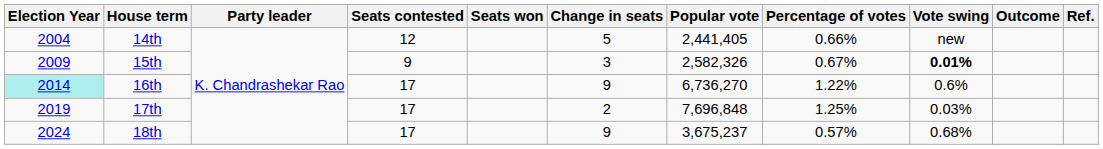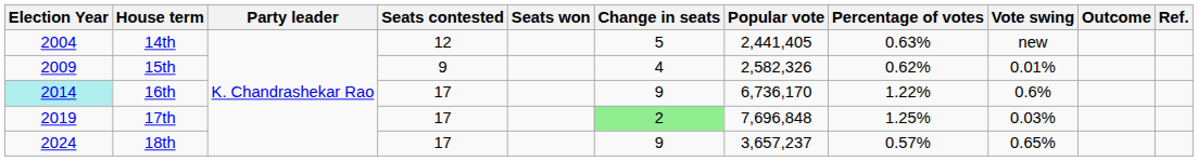 <table class="wikitable sortable" style="text-align:center;">
 <tr>
 <th Style="background-color:">Election Year</th>
 <th Style="background-color:">House term</th>
 <th Style="background-color:">Party leader</th>
 <th Style="background-color:">Seats contested</th>
 <th Style="background-color:">Seats won</th>
 <th Style="background-color:">Change in seats</th>
 <th Style="background-color:">Popular vote</th>
 <th Style="background-color:">Percentage of votes</th>
 <th Style="background-color:">Vote swing</th>
 <th Style="background-color:">Outcome</th>
 <th Style="background-color:">Ref.</th>
 </tr>
 <tr>
 <td><a href='#'>2004</a></td>
 <td><a href='#'>14th</a></td>
 <td rowspan=5><a href='#'>K. Chandrashekar Rao</a></td>
 <td>12</td>
 <td></td>
 <td>5</td>
 <td>2,441,405</td>
-<td>0.66%</td>
+<td>0.63%</td>
 <td> new</td>
 <td></td>
 <td></td>
 </tr>
 <tr>
 <td><a href='#'>2009</a></td>
 <td><a href='#'>15th</a></td>
 <td>9</td>
 <td></td>
-<td>3</td>
+<td>4</td>
 <td>2,582,326</td>
-<td>0.67%</td>
-<td><strong> 0.01%</strong></td>
+<td>0.62%</td>
+<td> 0.01%</td>
 <td></td>
 <td></td>
 </tr>
 <tr>
 <td style="background: paleturquoise;"><a href='#'>2014</a></td>
 <td><a href='#'>16th</a></td>
 <td>17</td>
 <td></td>
 <td>9</td>
-<td>6,736,270</td>
+<td>6,736,170</td>
 <td>1.22%</td>
 <td> 0.6%</td>
 <td></td>
 <td></td>
 </tr>
 <tr>
 <td><a href='#'>2019</a></td>
 <td><a href='#'>17th</a></td>
 <td>17</td>
 <td></td>
-<td>2</td>
+<td style="background: lightgreen;">2</td>
 <td>7,696,848</td>
 <td>1.25%</td>
 <td> 0.03%</td>
 <td></td>
 <td></td>
 </tr>
 <tr>
 <td><a href='#'>2024</a></td>
 <td><a href='#'>18th</a></td>
 <td>17</td>
 <td></td>
 <td>9</td>
-<td>3,675,237</td>
+<td>3,657,237</td>
 <td>0.57%</td>
-<td> 0.68%</td>
+<td> 0.65%</td>
 <td></td>
 <td></td>
 </tr>
 </table>
